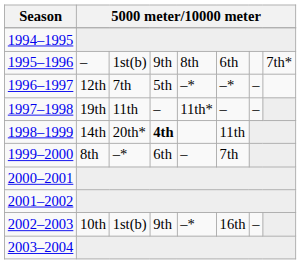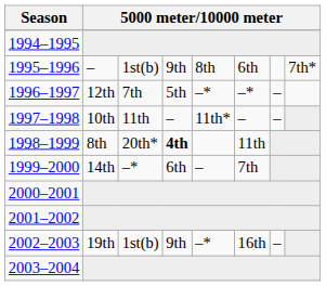 <table class="wikitable" style="display: inline-table;">
 <tr>
 <th>Season</th>
 <th colspan="7">5000 meter/10000 meter</th>
 </tr>
 <tr>
 </tr>
 <tr>
 <td><a href='#'>1994–1995</a></td>
 <td colspan="7" bgcolor=#EEEEEE></td>
 </tr>
 <tr>
 <td><a href='#'>1995–1996</a></td>
 <td>–</td>
 <td>1st(b)</td>
 <td>9th</td>
 <td>8th</td>
 <td>6th</td>
 <td></td>
 <td>7th*</td>
 </tr>
 <tr>
 <td><a href='#'>1996–1997</a></td>
 <td>12th</td>
 <td>7th</td>
 <td>5th</td>
 <td>–*</td>
 <td>–*</td>
 <td>–</td>
 <td></td>
 </tr>
 <tr>
 <td><a href='#'>1997–1998</a></td>
-<td>19th</td>
+<td>10th</td>
 <td>11th</td>
 <td>–</td>
 <td>11th*</td>
 <td>–</td>
 <td>–</td>
 <td colspan="1" bgcolor=#EEEEEE></td>
 </tr>
 <tr>
 <td><a href='#'>1998–1999</a></td>
-<td>14th</td>
+<td>8th</td>
 <td>20th*</td>
 <td><strong>4th</strong></td>
 <td></td>
 <td>11th</td>
 <td colspan="2" bgcolor=#EEEEEE></td>
 </tr>
 <tr>
 <td><a href='#'>1999–2000</a></td>
-<td>8th</td>
+<td>14th</td>
 <td>–*</td>
 <td>6th</td>
 <td>–</td>
 <td>7th</td>
 <td colspan="2" bgcolor=#EEEEEE></td>
 </tr>
 <tr>
 <td><a href='#'>2000–2001</a></td>
 <td colspan="7" bgcolor=#EEEEEE></td>
 </tr>
 <tr>
 <td><a href='#'>2001–2002</a></td>
 <td colspan="7" bgcolor=#EEEEEE></td>
 </tr>
 <tr>
 <td><a href='#'>2002–2003</a></td>
-<td>10th</td>
+<td>19th</td>
 <td>1st(b)</td>
 <td>9th</td>
 <td>–*</td>
 <td>16th</td>
 <td>–</td>
 <td colspan="1" bgcolor=#EEEEEE></td>
 </tr>
 <tr>
 <td><a href='#'>2003–2004</a></td>
 <td colspan="7" bgcolor=#EEEEEE></td>
 </tr>
 </table>
